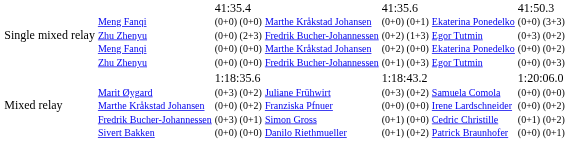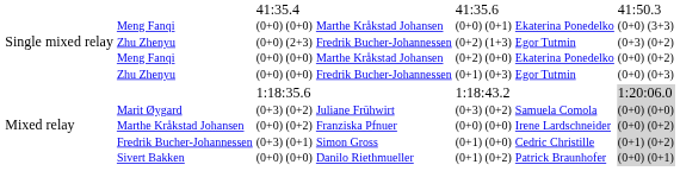 <table>
 <tr>
 <td>Single mixed relay<br></td>
 <td><br><small><a href='#'>Meng Fanqi</a><br><a href='#'>Zhu Zhenyu</a><br><a href='#'>Meng Fanqi</a><br><a href='#'>Zhu Zhenyu</a></small></td>
 <td>41:35.4<br><small>(0+0) (0+0)<br>(0+0) (2+3)<br>(0+0) (0+0)<br>(0+0) (0+0)</small></td>
 <td><br><small><a href='#'>Marthe Kråkstad Johansen</a><br><a href='#'>Fredrik Bucher-Johannessen</a><br><a href='#'>Marthe Kråkstad Johansen</a><br><a href='#'>Fredrik Bucher-Johannessen</a></small></td>
 <td>41:35.6<br><small>(0+0) (0+1)<br>(0+2) (1+3)<br>(0+2) (0+0)<br>(0+1) (0+3)</small></td>
 <td><br><small><a href='#'>Ekaterina Ponedelko</a><br><a href='#'>Egor Tutmin</a><br><a href='#'>Ekaterina Ponedelko</a><br><a href='#'>Egor Tutmin</a></small></td>
 <td>41:50.3<br><small>(0+0) (3+3)<br>(0+3) (0+2)<br>(0+0) (0+2)<br>(0+0) (0+3)</small></td>
 </tr>
 <tr>
 <td>Mixed relay<br></td>
 <td><br><small><a href='#'>Marit Øygard</a><br><a href='#'>Marthe Kråkstad Johansen</a><br><a href='#'>Fredrik Bucher-Johannessen</a><br><a href='#'>Sivert Bakken</a></small></td>
 <td>1:18:35.6<br><small>(0+3) (0+2)<br>(0+0) (0+2)<br>(0+3) (0+1)<br>(0+0) (0+0)</small></td>
 <td><br><small><a href='#'>Juliane Frühwirt</a><br><a href='#'>Franziska Pfnuer</a><br><a href='#'>Simon Gross</a><br><a href='#'>Danilo Riethmueller</a></small></td>
 <td>1:18:43.2<br><small>(0+3) (0+2)<br>(0+0) (0+0)<br>(0+1) (0+0)<br>(0+1) (0+2)</small></td>
 <td><br><small><a href='#'>Samuela Comola</a><br><a href='#'>Irene Lardschneider</a><br><a href='#'>Cedric Christille</a><br><a href='#'>Patrick Braunhofer</a></small></td>
-<td>1:20:06.0<br><small>(0+0) (0+0)<br>(0+0) (0+2)<br>(0+1) (0+2)<br>(0+0) (0+1)</small></td>
+<td style="background: lightgrey;">1:20:06.0<br><small>(0+0) (0+0)<br>(0+0) (0+2)<br>(0+1) (0+2)<br>(0+0) (0+1)</small></td>
 </tr>
 </table>
